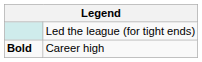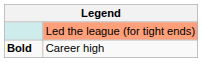 <table class="wikitable">
 <tr>
 <th colspan="2">Legend</th>
 </tr>
 <tr>
 <td style="background:#cfecec; width:3em;"></td>
-<td>Led the league (for tight ends)</td>
+<td style="background: lightsalmon;">Led the league (for tight ends)</td>
 </tr>
 <tr>
 <td><strong>Bold</strong></td>
 <td>Career high</td>
 </tr>
 </table>
